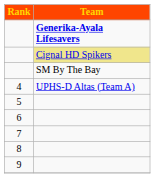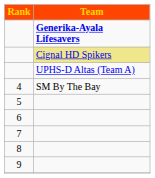 <table class="wikitable" style="text-align: center;">
 <tr>
 <th width=40 style="background:#FF4500; color:#FFD700;">Rank</th>
 <th width=180 style="background:#FF4500; color:#FFD700;">Team</th>
 </tr>
 <tr>
 <td></td>
 <td align="left"><strong><a href='#'>Generika-Ayala Lifesavers</a></strong></td>
 </tr>
 <tr>
 <td></td>
 <td align="left" style="background: khaki;"><a href='#'>Cignal HD Spikers</a></td>
 </tr>
 <tr>
 <td></td>
-<td align="left">SM By The Bay</td>
+<td align="left"><a href='#'>UPHS-D Altas (Team A)</a></td>
 </tr>
 <tr>
 <td>4</td>
-<td align="left"><a href='#'>UPHS-D Altas (Team A)</a></td>
+<td align="left">SM By The Bay</td>
 </tr>
 <tr>
 <td>5</td>
 <td align="left"></td>
 </tr>
 <tr>
 <td>6</td>
 <td align="left"></td>
 </tr>
 <tr>
 <td>7</td>
 <td align="left"></td>
 </tr>
 <tr>
 <td>8</td>
 <td align="left"></td>
 </tr>
 <tr>
 <td>9</td>
 <td align="left"></td>
 </tr>
 <tr>
 </tr>
 </table>
